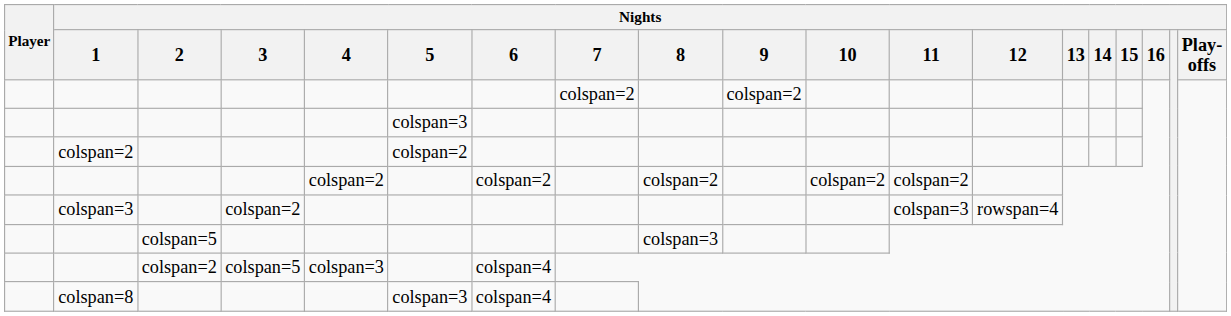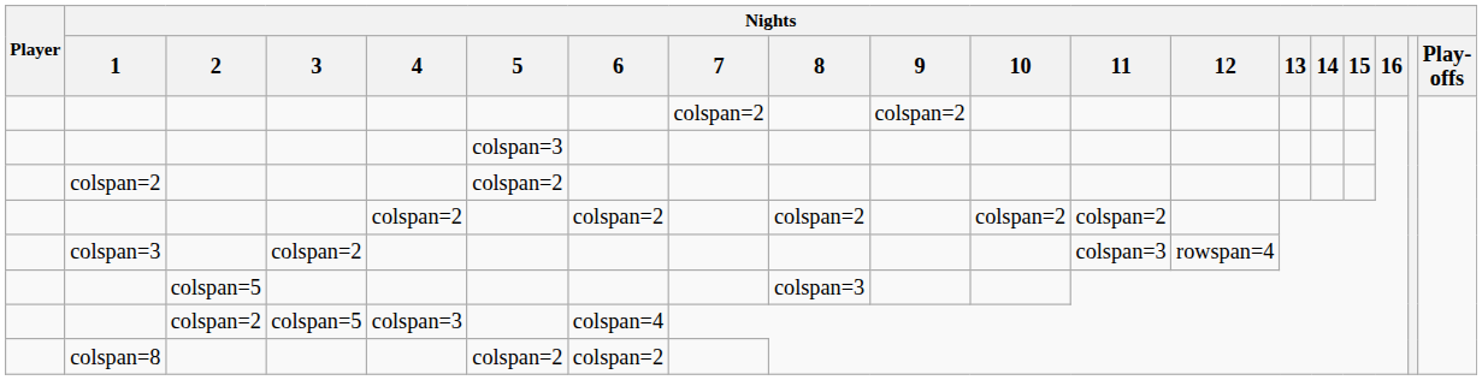 <table class="wikitable">
 <tr style="font-size:10pt;font-weight:bold">
 <th rowspan=2>Player</th>
 <th colspan=18>Nights</th>
 </tr>
 <tr>
 <th style="width:20px;">1</th>
 <th style="width:20px;">2</th>
 <th style="width:20px;">3</th>
 <th style="width:20px;">4</th>
 <th style="width:20px;">5</th>
 <th style="width:20px;">6</th>
 <th style="width:20px;">7</th>
 <th style="width:20px;">8</th>
 <th style="width:20px;">9</th>
 <th style="width:20px;">10</th>
 <th style="width:20px;">11</th>
 <th style="width:20px;">12</th>
 <th style="width:20px;">13</th>
 <th style="width:20px;">14</th>
 <th style="width:20px;">15</th>
 <th style="width:20px;">16</th>
 <th rowspan=9></th>
 <th>Play-offs</th>
 </tr>
 <tr>
 <td></td>
 <td></td>
 <td></td>
 <td></td>
 <td></td>
 <td></td>
 <td></td>
 <td>colspan=2 </td>
 <td></td>
 <td>colspan=2 </td>
 <td></td>
 <td></td>
 <td></td>
 <td></td>
 <td></td>
 <td></td>
 </tr>
 <tr>
 <td></td>
 <td></td>
 <td></td>
 <td></td>
 <td></td>
 <td>colspan=3 </td>
 <td></td>
 <td></td>
 <td></td>
 <td></td>
 <td></td>
 <td></td>
 <td></td>
 <td></td>
 <td></td>
 <td></td>
 </tr>
 <tr>
 <td></td>
 <td>colspan=2 </td>
 <td></td>
 <td></td>
 <td></td>
 <td>colspan=2 </td>
 <td></td>
 <td></td>
 <td></td>
 <td></td>
 <td></td>
 <td></td>
 <td></td>
 <td></td>
 <td></td>
 <td></td>
 </tr>
 <tr>
 <td></td>
 <td></td>
 <td></td>
 <td></td>
 <td>colspan=2 </td>
 <td></td>
 <td>colspan=2 </td>
 <td></td>
 <td>colspan=2 </td>
 <td></td>
 <td>colspan=2 </td>
 <td>colspan=2 </td>
 <td></td>
 </tr>
 <tr>
 <td></td>
 <td>colspan=3 </td>
 <td></td>
 <td>colspan=2 </td>
 <td></td>
 <td></td>
 <td></td>
 <td></td>
 <td></td>
 <td></td>
 <td></td>
 <td>colspan=3 </td>
 <td>rowspan=4 </td>
 </tr>
 <tr>
 <td></td>
 <td></td>
 <td>colspan=5 </td>
 <td></td>
 <td></td>
 <td></td>
 <td></td>
 <td></td>
 <td>colspan=3 </td>
 <td></td>
 <td></td>
 </tr>
 <tr>
 <td></td>
 <td></td>
 <td>colspan=2 </td>
 <td>colspan=5 </td>
 <td>colspan=3 </td>
 <td></td>
 <td>colspan=4 </td>
 </tr>
 <tr>
 <td></td>
 <td>colspan=8 </td>
 <td></td>
 <td></td>
 <td></td>
-<td>colspan=3 </td>
-<td>colspan=4 </td>
+<td>colspan=2 </td>
+<td>colspan=2 </td>
 <td></td>
 </tr>
 </table>
